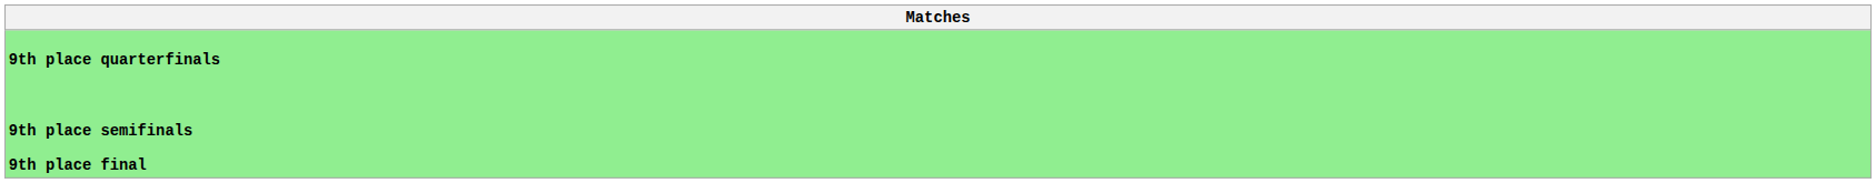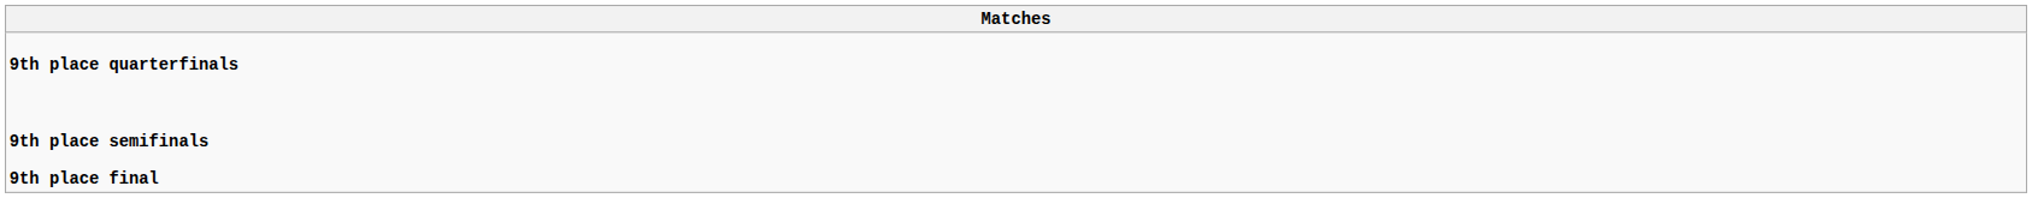 <table class="wikitable collapsible collapsed" style="width:100%;">
 <tr>
 <th>Matches</th>
 </tr>
 <tr>
-<td style="background: lightgreen;"><br><strong>9th place quarterfinals</strong> <br><br><br><br><strong>9th place semifinals</strong> <br><br><strong>9th place final</strong> </td>
+<td><br><strong>9th place quarterfinals</strong> <br><br><br><br><strong>9th place semifinals</strong> <br><br><strong>9th place final</strong> </td>
 </tr>
 </table>
